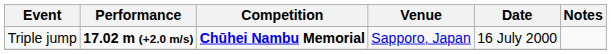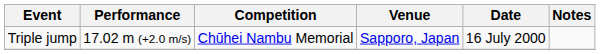 <table class="wikitable" style=text-align:center>
 <tr>
 <th>Event</th>
 <th>Performance</th>
 <th>Competition</th>
 <th>Venue</th>
 <th>Date</th>
 <th>Notes</th>
 </tr>
 <tr>
 <td>Triple jump</td>
-<td><strong>17.02 m <small>(+2.0 m/s)</small></strong></td>
-<td><strong><a href='#'>Chūhei Nambu</a> Memorial</strong></td>
+<td>17.02 m <small>(+2.0 m/s)</small></td>
+<td><a href='#'>Chūhei Nambu</a> Memorial</td>
 <td><a href='#'>Sapporo, Japan</a></td>
 <td>16 July 2000</td>
 <td></td>
 </tr>
 <tr>
 </tr>
 </table>
